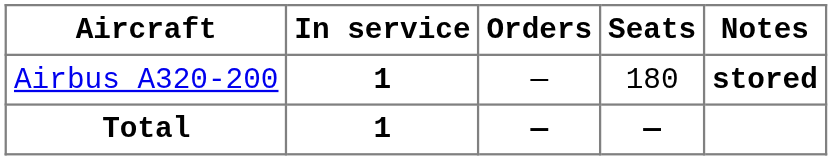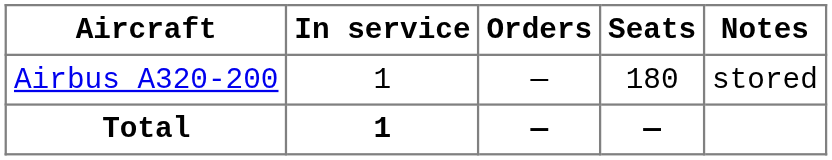 <table class="toccolours" border="1" cellpadding="3" style="margin:1em auto; border-collapse:collapse;text-align:center">
 <tr>
 <th>Aircraft</th>
 <th>In service</th>
 <th>Orders</th>
 <th>Seats</th>
 <th>Notes</th>
 </tr>
 <tr>
 <td><a href='#'>Airbus A320-200</a></td>
-<td><strong>1</strong></td>
+<td>1</td>
 <td>—</td>
 <td>180</td>
-<td><strong>stored</strong></td>
+<td>stored</td>
 </tr>
 <tr>
 <th>Total</th>
 <th>1</th>
 <th>—</th>
 <th>—</th>
 <th colspan="4"></th>
 </tr>
 </table>
